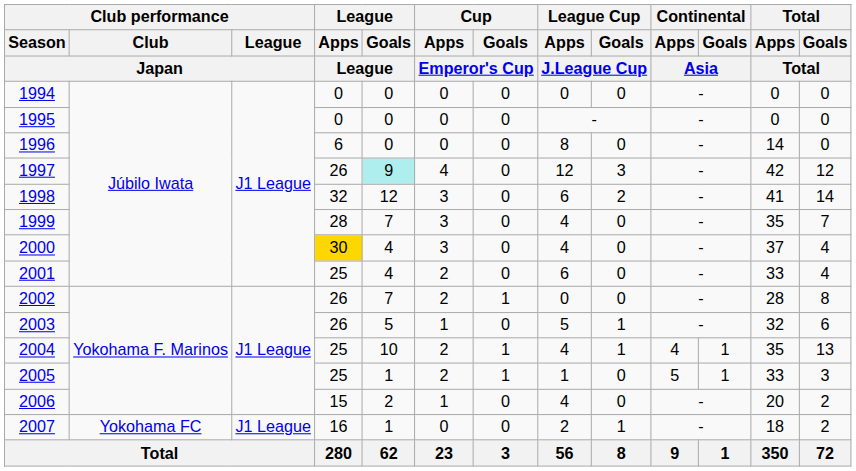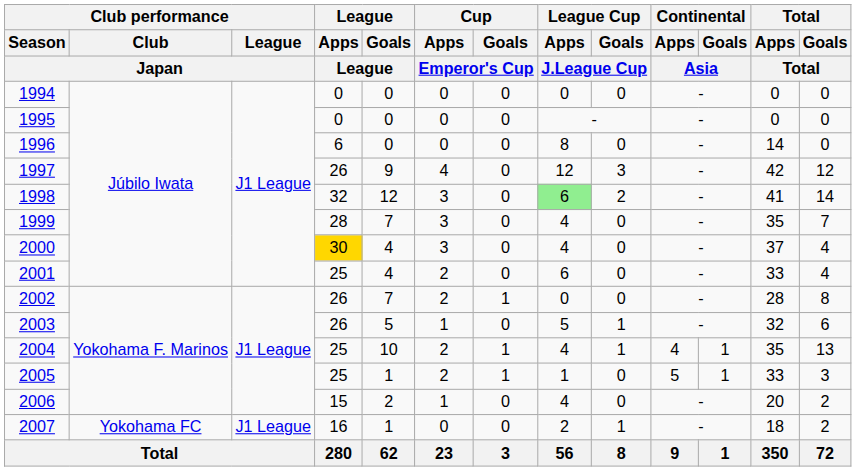 <table class="wikitable" style="text-align:center;">
 <tr>
 <th colspan=3>Club performance</th>
 <th colspan=2>League</th>
 <th colspan=2>Cup</th>
 <th colspan=2>League Cup</th>
 <th colspan=2>Continental</th>
 <th colspan=2>Total</th>
 </tr>
 <tr>
 <th>Season</th>
 <th>Club</th>
 <th>League</th>
 <th>Apps</th>
 <th>Goals</th>
 <th>Apps</th>
 <th>Goals</th>
 <th>Apps</th>
 <th>Goals</th>
 <th>Apps</th>
 <th>Goals</th>
 <th>Apps</th>
 <th>Goals</th>
 </tr>
 <tr>
 <th colspan=3>Japan</th>
 <th colspan=2>League</th>
 <th colspan=2><a href='#'>Emperor's Cup</a></th>
 <th colspan=2><a href='#'>J.League Cup</a></th>
 <th colspan=2><a href='#'>Asia</a></th>
 <th colspan=2>Total</th>
 </tr>
 <tr>
 <td><a href='#'>1994</a></td>
 <td rowspan="8"><a href='#'>Júbilo Iwata</a></td>
 <td rowspan="8"><a href='#'>J1 League</a></td>
 <td>0</td>
 <td>0</td>
 <td>0</td>
 <td>0</td>
 <td>0</td>
 <td>0</td>
 <td colspan="2">-</td>
 <td>0</td>
 <td>0</td>
 </tr>
 <tr>
 <td><a href='#'>1995</a></td>
 <td>0</td>
 <td>0</td>
 <td>0</td>
 <td>0</td>
 <td colspan="2">-</td>
 <td colspan="2">-</td>
 <td>0</td>
 <td>0</td>
 </tr>
 <tr>
 <td><a href='#'>1996</a></td>
 <td>6</td>
 <td>0</td>
 <td>0</td>
 <td>0</td>
 <td>8</td>
 <td>0</td>
 <td colspan="2">-</td>
 <td>14</td>
 <td>0</td>
 </tr>
 <tr>
 <td><a href='#'>1997</a></td>
 <td>26</td>
-<td style="background: paleturquoise;">9</td>
+<td>9</td>
 <td>4</td>
 <td>0</td>
 <td>12</td>
 <td>3</td>
 <td colspan="2">-</td>
 <td>42</td>
 <td>12</td>
 </tr>
 <tr>
 <td><a href='#'>1998</a></td>
 <td>32</td>
 <td>12</td>
 <td>3</td>
 <td>0</td>
-<td>6</td>
+<td style="background: lightgreen;">6</td>
 <td>2</td>
 <td colspan="2">-</td>
 <td>41</td>
 <td>14</td>
 </tr>
 <tr>
 <td><a href='#'>1999</a></td>
 <td>28</td>
 <td>7</td>
 <td>3</td>
 <td>0</td>
 <td>4</td>
 <td>0</td>
 <td colspan="2">-</td>
 <td>35</td>
 <td>7</td>
 </tr>
 <tr>
 <td><a href='#'>2000</a></td>
 <td style="background: gold;">30</td>
 <td>4</td>
 <td>3</td>
 <td>0</td>
 <td>4</td>
 <td>0</td>
 <td colspan="2">-</td>
 <td>37</td>
 <td>4</td>
 </tr>
 <tr>
 <td><a href='#'>2001</a></td>
 <td>25</td>
 <td>4</td>
 <td>2</td>
 <td>0</td>
 <td>6</td>
 <td>0</td>
 <td colspan="2">-</td>
 <td>33</td>
 <td>4</td>
 </tr>
 <tr>
 <td><a href='#'>2002</a></td>
 <td rowspan="5"><a href='#'>Yokohama F. Marinos</a></td>
 <td rowspan="5"><a href='#'>J1 League</a></td>
 <td>26</td>
 <td>7</td>
 <td>2</td>
 <td>1</td>
 <td>0</td>
 <td>0</td>
 <td colspan="2">-</td>
 <td>28</td>
 <td>8</td>
 </tr>
 <tr>
 <td><a href='#'>2003</a></td>
 <td>26</td>
 <td>5</td>
 <td>1</td>
 <td>0</td>
 <td>5</td>
 <td>1</td>
 <td colspan="2">-</td>
 <td>32</td>
 <td>6</td>
 </tr>
 <tr>
 <td><a href='#'>2004</a></td>
 <td>25</td>
 <td>10</td>
 <td>2</td>
 <td>1</td>
 <td>4</td>
 <td>1</td>
 <td>4</td>
 <td>1</td>
 <td>35</td>
 <td>13</td>
 </tr>
 <tr>
 <td><a href='#'>2005</a></td>
 <td>25</td>
 <td>1</td>
 <td>2</td>
 <td>1</td>
 <td>1</td>
 <td>0</td>
 <td>5</td>
 <td>1</td>
 <td>33</td>
 <td>3</td>
 </tr>
 <tr>
 <td><a href='#'>2006</a></td>
 <td>15</td>
 <td>2</td>
 <td>1</td>
 <td>0</td>
 <td>4</td>
 <td>0</td>
 <td colspan="2">-</td>
 <td>20</td>
 <td>2</td>
 </tr>
 <tr>
 <td><a href='#'>2007</a></td>
 <td><a href='#'>Yokohama FC</a></td>
 <td><a href='#'>J1 League</a></td>
 <td>16</td>
 <td>1</td>
 <td>0</td>
 <td>0</td>
 <td>2</td>
 <td>1</td>
 <td colspan="2">-</td>
 <td>18</td>
 <td>2</td>
 </tr>
 <tr>
 <th colspan=3>Total</th>
 <th>280</th>
 <th>62</th>
 <th>23</th>
 <th>3</th>
 <th>56</th>
 <th>8</th>
 <th>9</th>
 <th>1</th>
 <th>350</th>
 <th>72</th>
 </tr>
 </table>
